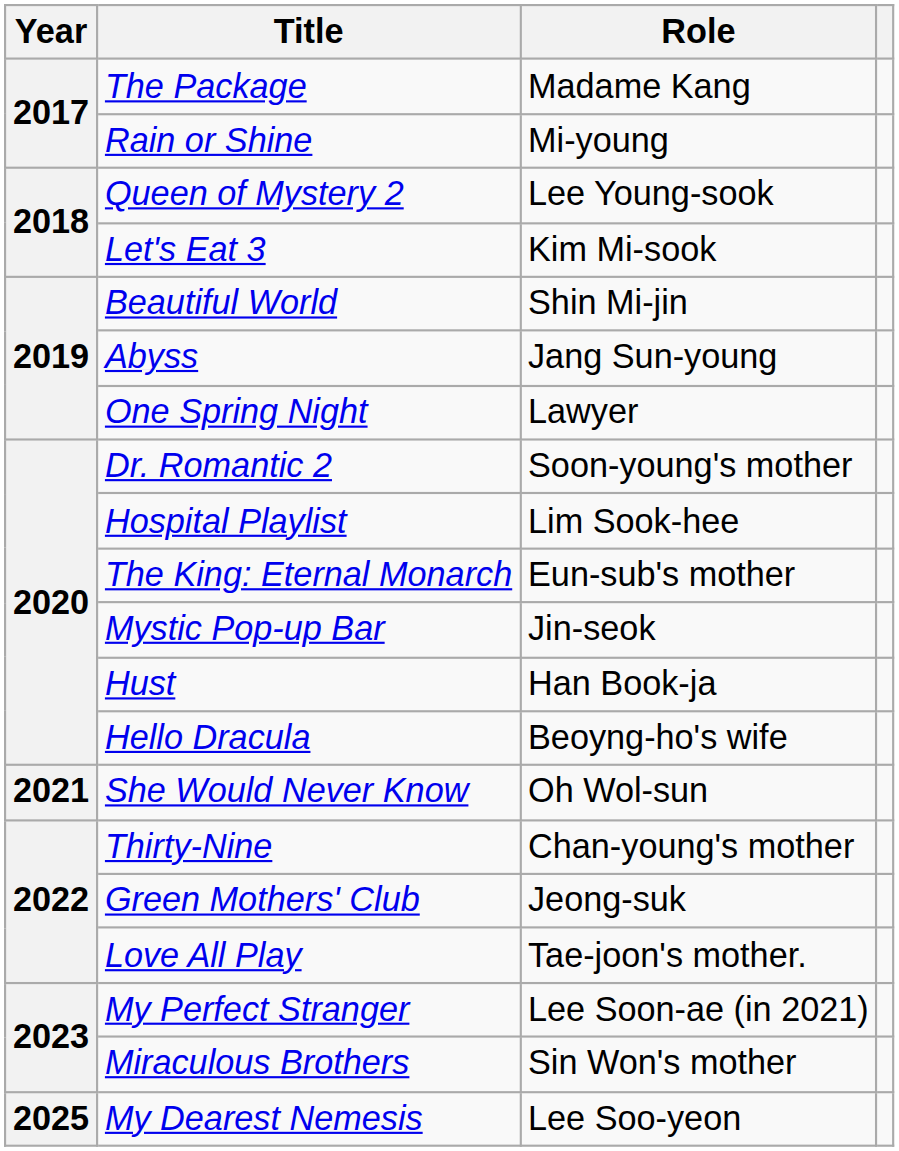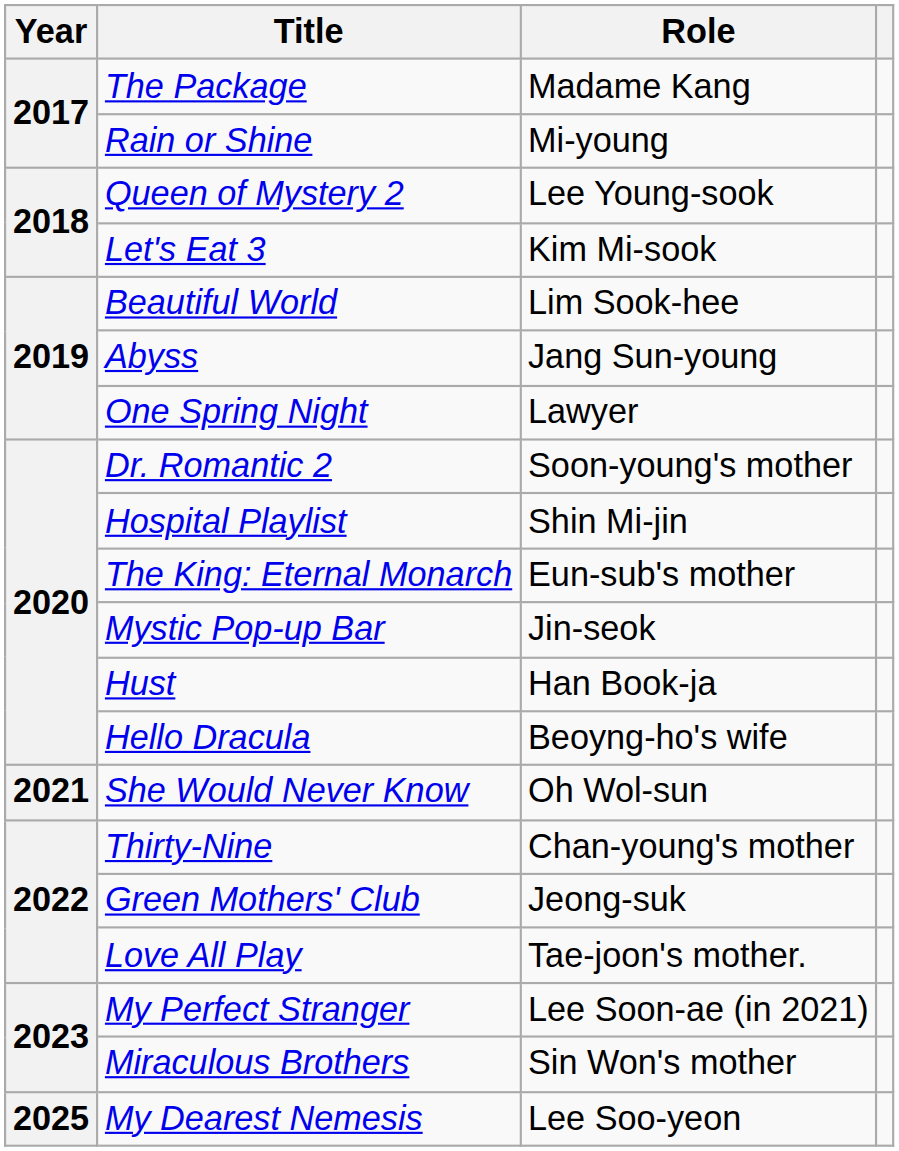 <table class="wikitable sortable plainrowheaders">
 <tr>
 <th scope="col">Year</th>
 <th scope="col">Title</th>
 <th scope="col">Role</th>
 <th scope="col" class="unsortable"></th>
 </tr>
 <tr>
 <th scope="row" rowspan="2">2017</th>
 <td><em><a href='#'>The Package</a></em></td>
 <td>Madame Kang</td>
 <td></td>
 </tr>
 <tr>
 <td><em><a href='#'>Rain or Shine</a></em></td>
 <td>Mi-young</td>
 <td></td>
 </tr>
 <tr>
 <th scope="row" rowspan="2">2018</th>
 <td><em><a href='#'>Queen of Mystery 2</a></em></td>
 <td>Lee Young-sook</td>
 <td></td>
 </tr>
 <tr>
 <td><em><a href='#'>Let's Eat 3</a></em></td>
 <td>Kim Mi-sook</td>
 <td></td>
 </tr>
 <tr>
 <th scope="row" rowspan="3">2019</th>
 <td><em><a href='#'>Beautiful World</a></em></td>
-<td>Shin Mi-jin</td>
+<td>Lim Sook-hee</td>
 <td></td>
 </tr>
 <tr>
 <td><em><a href='#'>Abyss</a></em></td>
 <td>Jang Sun-young</td>
 <td></td>
 </tr>
 <tr>
 <td><em><a href='#'>One Spring Night</a></em></td>
 <td>Lawyer</td>
 <td></td>
 </tr>
 <tr>
 <th scope="row" rowspan="6">2020</th>
 <td><em><a href='#'>Dr. Romantic 2</a></em></td>
 <td>Soon-young's mother</td>
 <td></td>
 </tr>
 <tr>
 <td><em><a href='#'>Hospital Playlist</a></em></td>
-<td>Lim Sook-hee</td>
+<td>Shin Mi-jin</td>
 <td></td>
 </tr>
 <tr>
 <td><em><a href='#'>The King: Eternal Monarch</a></em></td>
 <td>Eun-sub's mother</td>
 <td></td>
 </tr>
 <tr>
 <td><em><a href='#'>Mystic Pop-up Bar</a></em></td>
 <td>Jin-seok</td>
 <td></td>
 </tr>
 <tr>
 <td><em><a href='#'>Hust</a></em></td>
 <td>Han Book-ja</td>
 <td></td>
 </tr>
 <tr>
 <td><em><a href='#'>Hello Dracula</a></em></td>
 <td>Beoyng-ho's wife</td>
 <td></td>
 </tr>
 <tr>
 <th scope="row">2021</th>
 <td><em><a href='#'>She Would Never Know</a></em></td>
 <td>Oh Wol-sun</td>
 <td></td>
 </tr>
 <tr>
 <th scope="row" rowspan="3">2022</th>
 <td><em><a href='#'>Thirty-Nine</a></em></td>
 <td>Chan-young's mother</td>
 <td></td>
 </tr>
 <tr>
 <td><em><a href='#'>Green Mothers' Club</a></em></td>
 <td>Jeong-suk</td>
 <td></td>
 </tr>
 <tr>
 <td><em><a href='#'>Love All Play</a></em></td>
 <td>Tae-joon's mother.</td>
 <td></td>
 </tr>
 <tr>
 <th rowspan="2" scope="row">2023</th>
 <td><em><a href='#'>My Perfect Stranger</a></em></td>
 <td>Lee Soon-ae (in 2021)</td>
 <td></td>
 </tr>
 <tr>
 <td><em><a href='#'>Miraculous Brothers</a></em></td>
 <td>Sin Won's mother</td>
 <td></td>
 </tr>
 <tr>
 <th rowspan="2" scope="row">2025</th>
 <td><em><a href='#'>My Dearest Nemesis</a></em></td>
 <td>Lee Soo-yeon</td>
 <td></td>
 </tr>
 </table>
